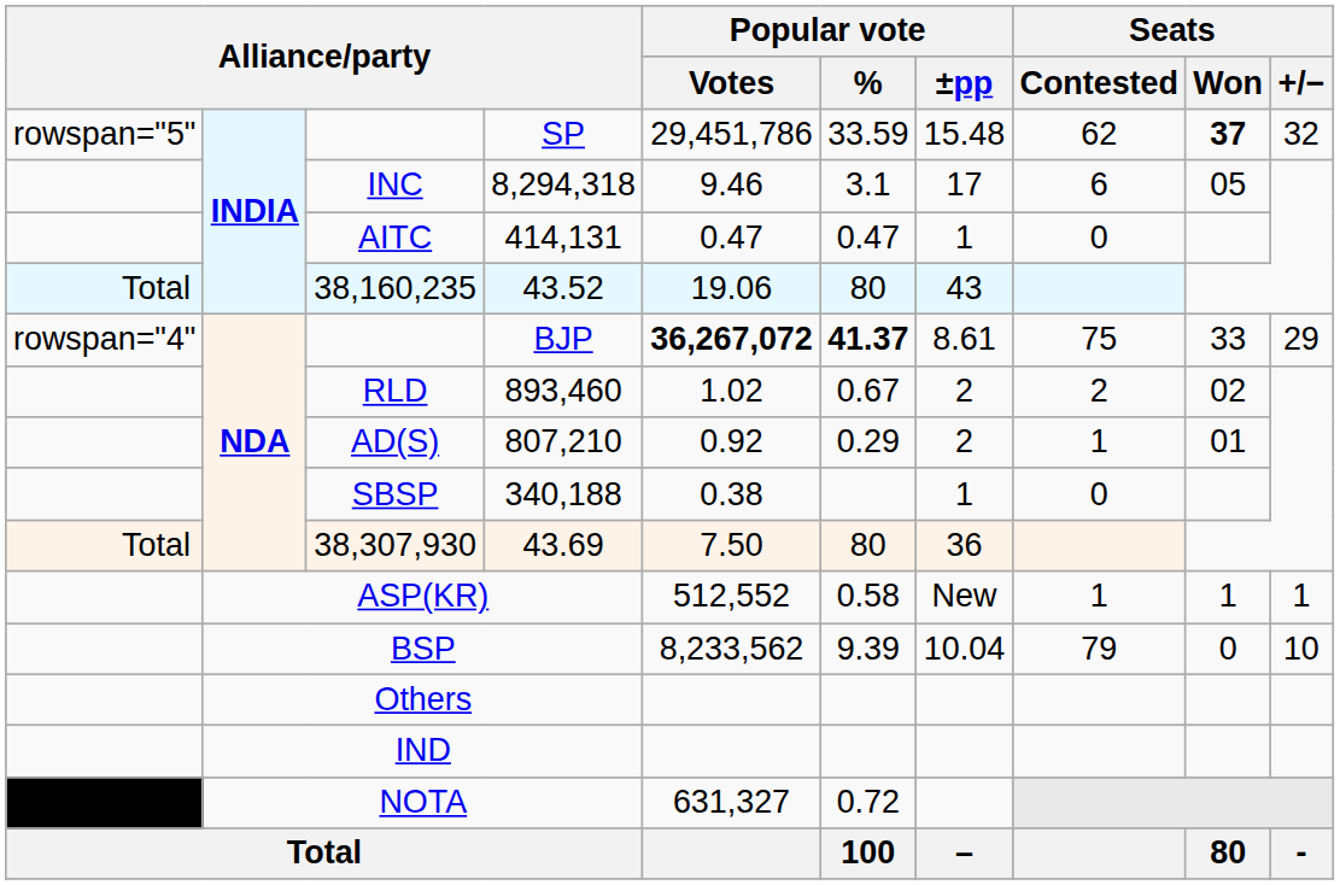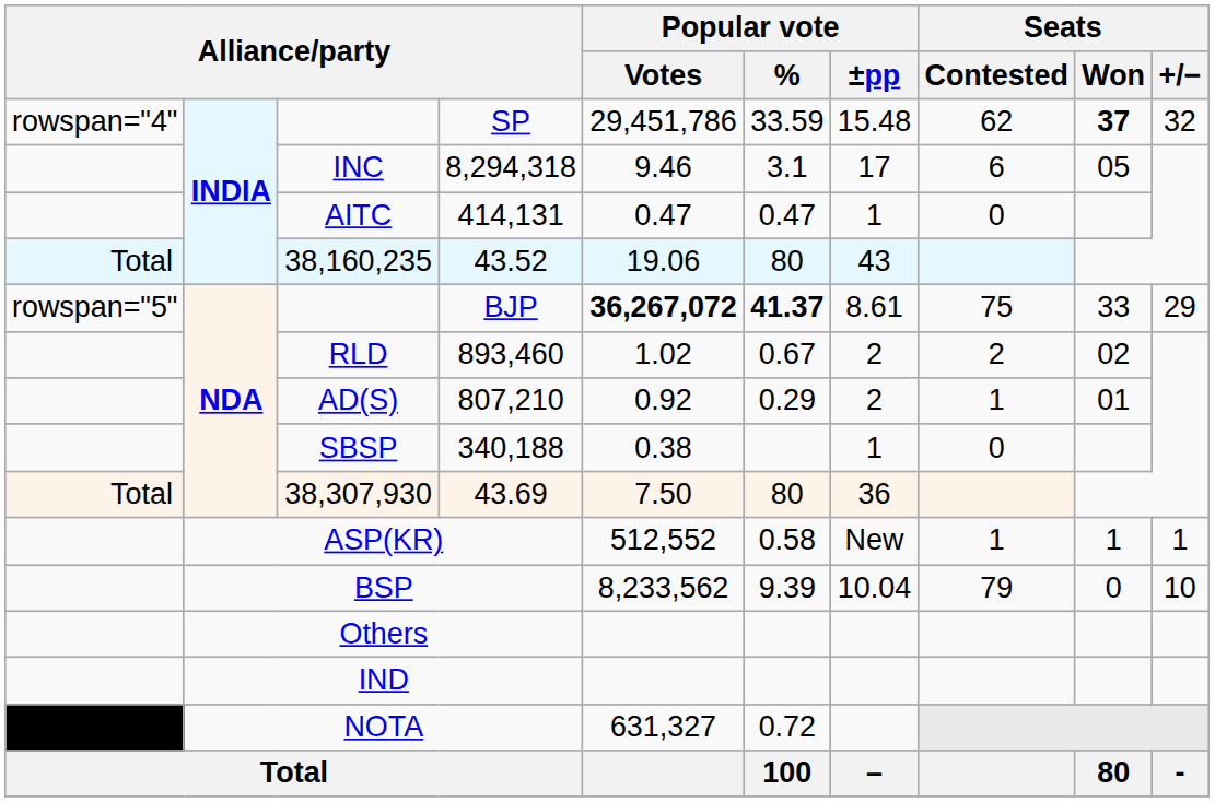 <table class="wikitable sortable" style="text-align:center;">
 <tr>
 <th colspan="4" rowspan="2">Alliance/party</th>
 <th colspan="3">Popular vote</th>
 <th colspan="3">Seats</th>
 </tr>
 <tr>
 <th>Votes</th>
 <th>%</th>
 <th>±<a href='#'>pp</a></th>
 <th>Contested</th>
 <th>Won</th>
 <th><strong>+/−</strong></th>
 </tr>
 <tr>
-<td>rowspan="5" </td>
+<td>rowspan="4" </td>
 <th rowspan="4"style="background:#E5F8FF"><a href='#'>INDIA</a></th>
 <td></td>
 <td><a href='#'>SP</a></td>
 <td>29,451,786</td>
 <td>33.59</td>
 <td> 15.48</td>
 <td>62</td>
 <td><strong>37</strong></td>
 <td> 32</td>
 </tr>
 <tr>
 <td></td>
 <td><a href='#'>INC</a></td>
 <td>8,294,318</td>
 <td>9.46</td>
 <td> 3.1</td>
 <td>17</td>
 <td>6</td>
 <td> 05</td>
 </tr>
 <tr>
 <td></td>
 <td><a href='#'>AITC</a></td>
 <td>414,131</td>
 <td>0.47</td>
 <td> 0.47</td>
 <td>1</td>
 <td>0</td>
 <td></td>
 </tr>
 <tr>
 <td colspan="2"style="background:#E5F8FF">Total</td>
 <td style="background:#E5F8FF">38,160,235</td>
 <td style="background:#E5F8FF">43.52</td>
 <td style="background:#E5F8FF"> 19.06</td>
 <td style="background:#E5F8FF">80</td>
 <td style="background:#E5F8FF">43</td>
 <td style="background:#E5F8FF"></td>
 </tr>
 <tr>
-<td>rowspan="4" </td>
+<td>rowspan="5" </td>
 <th rowspan="5"style="background:#fef3e8"><a href='#'>NDA</a></th>
 <td></td>
 <td><a href='#'>BJP</a></td>
 <td><strong>36,267,072</strong></td>
 <td><strong>41.37</strong></td>
 <td> 8.61</td>
 <td>75</td>
 <td>33</td>
 <td> 29</td>
 </tr>
 <tr>
 <td></td>
 <td><a href='#'>RLD</a></td>
 <td>893,460</td>
 <td>1.02</td>
 <td> 0.67</td>
 <td>2</td>
 <td>2</td>
 <td> 02</td>
 </tr>
 <tr>
 <td></td>
 <td><a href='#'>AD(S)</a></td>
 <td>807,210</td>
 <td>0.92</td>
 <td> 0.29</td>
 <td>2</td>
 <td>1</td>
 <td> 01</td>
 </tr>
 <tr>
 <td></td>
 <td><a href='#'>SBSP</a></td>
 <td>340,188</td>
 <td>0.38</td>
 <td></td>
 <td>1</td>
 <td>0</td>
 <td></td>
 </tr>
 <tr>
 <td colspan="2"style="background:#fef3e8">Total</td>
 <td style="background:#fef3e8">38,307,930</td>
 <td style="background:#fef3e8">43.69</td>
 <td style="background:#fef3e8"> 7.50</td>
 <td style="background:#fef3e8">80</td>
 <td style="background:#fef3e8">36</td>
 <td style="background:#fef3e8"></td>
 </tr>
 <tr>
 <td></td>
 <td colspan="3"><a href='#'>ASP(KR)</a></td>
 <td>512,552</td>
 <td>0.58</td>
 <td>New</td>
 <td>1</td>
 <td>1</td>
 <td>1</td>
 </tr>
 <tr>
 <td></td>
 <td colspan="3"><a href='#'>BSP</a></td>
 <td>8,233,562</td>
 <td>9.39</td>
 <td>10.04</td>
 <td>79</td>
 <td>0</td>
 <td>10</td>
 </tr>
 <tr>
 <td></td>
 <td colspan="3"><a href='#'>Others</a></td>
 <td></td>
 <td></td>
 <td></td>
 <td></td>
 <td></td>
 <td></td>
 </tr>
 <tr>
 <td></td>
 <td colspan="3"><a href='#'>IND</a></td>
 <td></td>
 <td></td>
 <td></td>
 <td></td>
 <td></td>
 <td></td>
 </tr>
 <tr>
 <td bgcolor="Black"></td>
 <td colspan="3"><a href='#'>NOTA</a></td>
 <td>631,327</td>
 <td>0.72</td>
 <td></td>
 <th colspan="3" style="background-color:#E9E9E9"></th>
 </tr>
 <tr>
 <th colspan="4">Total</th>
 <th></th>
 <th>100</th>
 <th>–</th>
 <th></th>
 <th>80</th>
 <th>-</th>
 </tr>
 </table>
